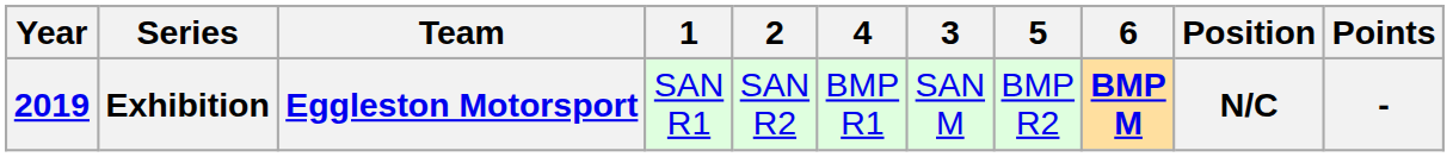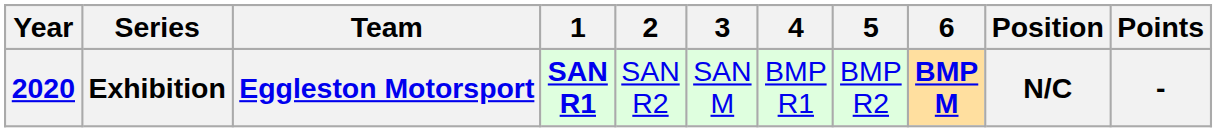 <table class="wikitable" style="text-align:center; font-size:85%">
 <tr>
 <th>Year</th>
 <th>Series</th>
 <th>Team</th>
 <th>1</th>
 <th>2</th>
+<th>3</th>
 <th>4</th>
-<th>3</th>
 <th>5</th>
 <th>6</th>
 <th>Position</th>
 <th>Points</th>
 </tr>
 <tr>
-<th><a href='#'>2019</a></th>
+<th><a href='#'>2020</a></th>
 <th>Exhibition</th>
 <th nowrap><a href='#'>Eggleston Motorsport</a></th>
-<td style="background:#dfffdf"><a href='#'>SAN<br>R1</a><br></td>
+<td style="background:#dfffdf"><strong><a href='#'>SAN<br>R1</a><br></strong></td>
 <td style="background:#dfffdf"><a href='#'>SAN<br>R2</a><br></td>
+<td style="background:#dfffdf"><a href='#'>SAN<br>M</a><br></td>
 <td style="background:#dfffdf"><a href='#'>BMP<br>R1</a><br></td>
-<td style="background:#dfffdf"><a href='#'>SAN<br>M</a><br></td>
 <td style="background:#dfffdf"><a href='#'>BMP<br>R2</a><br></td>
 <td style="background:#ffdf9f"><strong><a href='#'>BMP<br>M</a><br></strong></td>
 <th>N/C</th>
 <th>-</th>
 </tr>
 </table>
